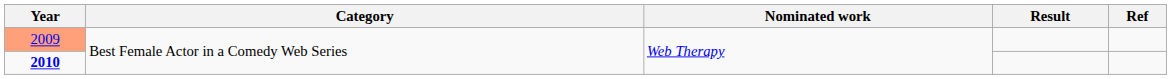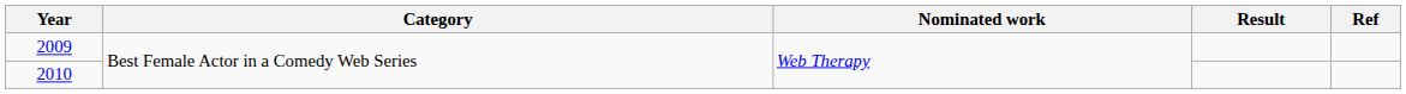 <table class="wikitable" width="100%">
 <tr>
 <th width="7%">Year</th>
 <th width="48%">Category</th>
 <th width="30%">Nominated work</th>
 <th width="10%">Result</th>
 <th width="5%">Ref</th>
 </tr>
 <tr>
-<td align="center" style="background: lightsalmon;"><a href='#'>2009</a></td>
+<td align="center"><a href='#'>2009</a></td>
 <td rowspan="2">Best Female Actor in a Comedy Web Series</td>
 <td rowspan="2"><em><a href='#'>Web Therapy</a></em></td>
 <td></td>
 <td align="center"></td>
 </tr>
 <tr>
-<td align="center"><strong><a href='#'>2010</a></strong></td>
+<td align="center"><a href='#'>2010</a></td>
 <td></td>
 <td align="center"></td>
 </tr>
 </table>
